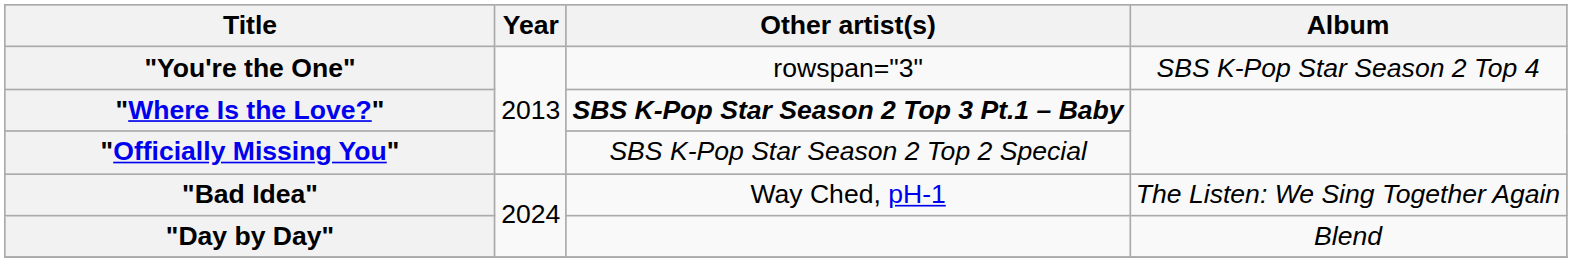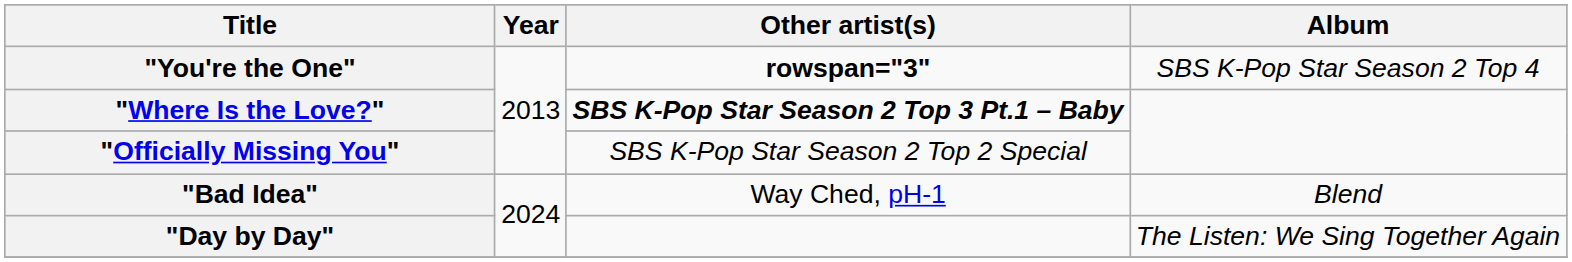 <table class="wikitable plainrowheaders" style="text-align:center;">
 <tr>
 <th scope="col"  style="width:18em;">Title</th>
 <th scope="col">Year</th>
 <th scope="col">Other artist(s)</th>
 <th scope="col">Album</th>
 </tr>
 <tr>
 <th scope="row">"You're the One"</th>
 <td rowspan="3">2013</td>
-<td>rowspan="3" </td>
+<td><strong>rowspan="3" </strong></td>
 <td><em>SBS K-Pop Star Season 2 Top 4</em></td>
 </tr>
 <tr>
 <th scope="row">"<a href='#'>Where Is the Love?</a>"</th>
 <td><strong><em>SBS K-Pop Star Season 2 Top 3 Pt.1 – Baby</em></strong></td>
 </tr>
 <tr>
 <th scope="row">"<a href='#'>Officially Missing You</a>"</th>
 <td><em>SBS K-Pop Star Season 2 Top 2 Special</em></td>
 </tr>
 <tr>
 <th scope="row">"Bad Idea"</th>
 <td rowspan="2">2024</td>
 <td>Way Ched, <a href='#'>pH-1</a></td>
-<td><em>The Listen: We Sing Together Again</em></td>
+<td><em>Blend</em></td>
 </tr>
 <tr>
 <th scope="row">"Day by Day"</th>
 <td></td>
-<td><em>Blend</em></td>
+<td><em>The Listen: We Sing Together Again</em></td>
 </tr>
 <tr>
 </tr>
 </table>
